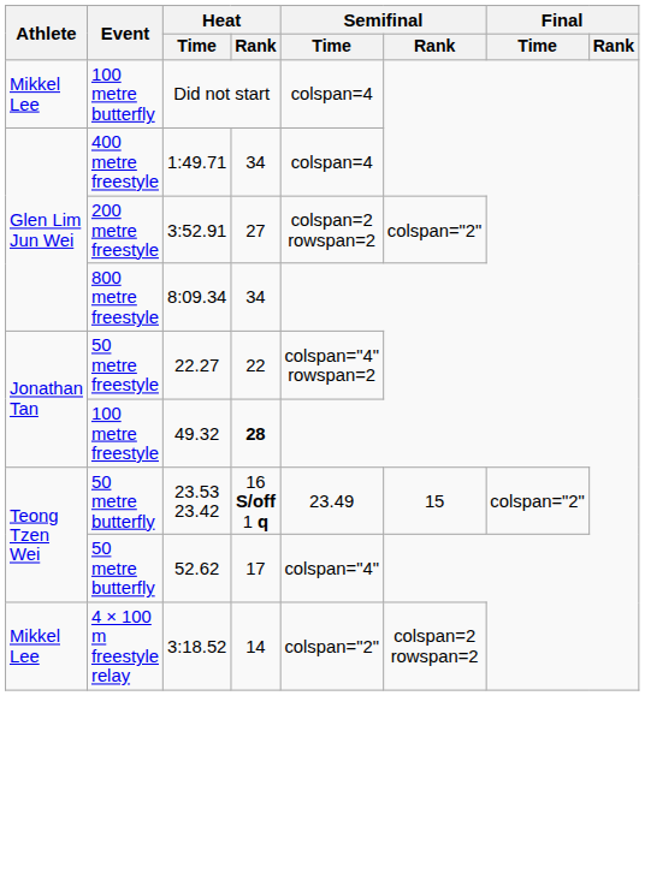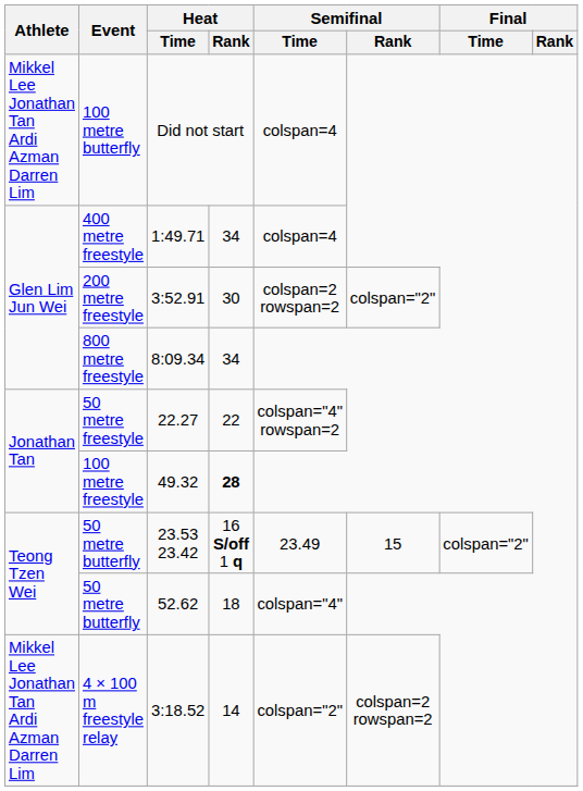 <table class="wikitable" style="text-align:center; font-size:90%; width:50%;">
 <tr>
 <th rowspan="2">Athlete</th>
 <th rowspan="2">Event</th>
 <th colspan="2">Heat</th>
 <th colspan="2">Semifinal</th>
 <th colspan="2">Final</th>
 </tr>
 <tr style="font-size:95%">
 <th>Time</th>
 <th>Rank</th>
 <th>Time</th>
 <th>Rank</th>
 <th>Time</th>
 <th>Rank</th>
 </tr>
 <tr align=center>
-<td align=left><a href='#'>Mikkel Lee</a></td>
+<td align=left><a href='#'>Mikkel Lee</a><br><a href='#'>Jonathan Tan</a><br><a href='#'>Ardi Azman</a><br><a href='#'>Darren Lim</a></td>
 <td align=left><a href='#'>100 metre butterfly</a></td>
 <td colspan=2>Did not start</td>
 <td>colspan=4   </td>
 </tr>
 <tr align=center>
 <td align=left rowspan=3><a href='#'>Glen Lim Jun Wei</a></td>
 <td align=left><a href='#'>400 metre freestyle</a></td>
 <td>1:49.71</td>
 <td>34</td>
 <td>colspan=4   </td>
 </tr>
 <tr align=center>
 <td align=left><a href='#'>200 metre freestyle</a></td>
 <td>3:52.91</td>
-<td>27</td>
+<td>30</td>
 <td>colspan=2 rowspan=2  </td>
 <td>colspan="2"  </td>
 </tr>
 <tr align=center>
 <td align=left><a href='#'>800 metre freestyle</a></td>
 <td>8:09.34</td>
 <td>34</td>
 </tr>
 <tr align=center>
 <td align=left rowspan=2><a href='#'>Jonathan Tan</a></td>
 <td align=left><a href='#'>50 metre freestyle</a></td>
 <td>22.27</td>
 <td>22</td>
 <td>colspan="4" rowspan=2  </td>
 </tr>
 <tr align=center>
 <td align=left><a href='#'>100 metre freestyle</a></td>
 <td>49.32</td>
 <td><strong>28</strong></td>
 </tr>
 <tr align=center>
 <td align=left rowspan=2><a href='#'>Teong Tzen Wei</a></td>
 <td align=left><a href='#'>50 metre butterfly</a></td>
 <td>23.53<br>23.42</td>
 <td>16 <strong>S/off</strong><br>1 <strong>q</strong></td>
 <td>23.49</td>
 <td>15</td>
 <td>colspan="2" </td>
 </tr>
 <tr align=center>
 <td align=left><a href='#'>50 metre butterfly</a></td>
 <td>52.62</td>
-<td>17</td>
+<td>18</td>
 <td>colspan="4"  </td>
 </tr>
 <tr align=center>
-<td align=left><a href='#'>Mikkel Lee</a></td>
+<td align=left><a href='#'>Mikkel Lee</a><br><a href='#'>Jonathan Tan</a><br><a href='#'>Ardi Azman</a><br><a href='#'>Darren Lim</a></td>
 <td align=left><a href='#'>4 × 100 m freestyle relay</a></td>
 <td>3:18.52</td>
 <td>14</td>
 <td>colspan="2"  </td>
 <td>colspan=2 rowspan=2 </td>
 </tr>
 </table>
